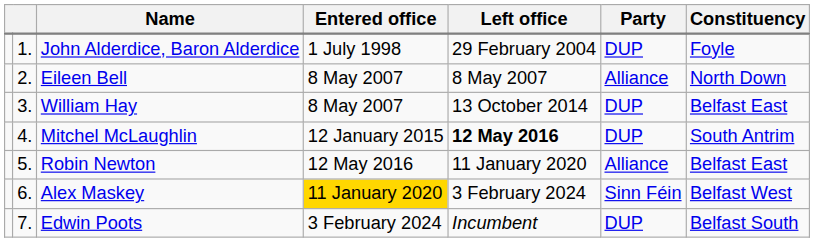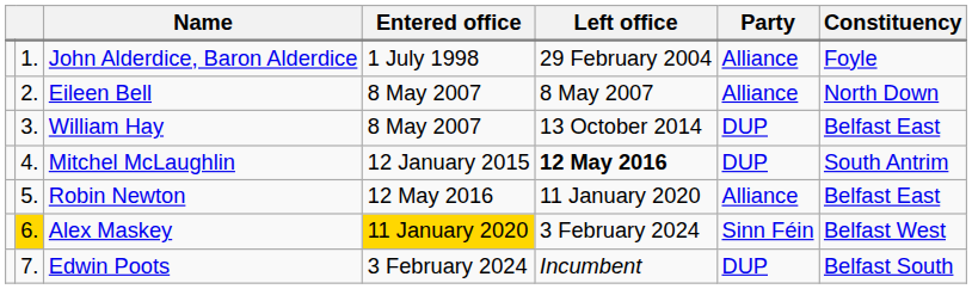 <table class="wikitable">
 <tr style="border-bottom: 2px solid gray;">
 <th colspan="2"></th>
 <th>Name</th>
 <th>Entered office</th>
 <th>Left office</th>
 <th>Party</th>
 <th>Constituency</th>
 </tr>
 <tr>
 <td style="background:"></td>
 <td>1.</td>
 <td><a href='#'>John Alderdice, Baron Alderdice</a></td>
 <td>1 July 1998</td>
 <td>29 February 2004</td>
-<td><a href='#'>DUP</a></td>
+<td><a href='#'>Alliance</a></td>
 <td><a href='#'>Foyle</a></td>
 </tr>
 <tr>
 <td style="background:"></td>
 <td>2.</td>
 <td><a href='#'>Eileen Bell</a></td>
 <td>8 May 2007</td>
 <td>8 May 2007</td>
 <td><a href='#'>Alliance</a></td>
 <td><a href='#'>North Down</a></td>
 </tr>
 <tr>
 <td style="background:"></td>
 <td>3.</td>
 <td><a href='#'>William Hay</a></td>
 <td>8 May 2007</td>
 <td>13 October 2014</td>
 <td><a href='#'>DUP</a></td>
 <td><a href='#'>Belfast East</a></td>
 </tr>
 <tr>
 <td style="background:"></td>
 <td>4.</td>
 <td><a href='#'>Mitchel McLaughlin</a></td>
 <td>12 January 2015</td>
 <td><strong>12 May 2016</strong></td>
 <td><a href='#'>DUP</a></td>
 <td><a href='#'>South Antrim</a></td>
 </tr>
 <tr>
 <td style="background:"></td>
 <td>5.</td>
 <td><a href='#'>Robin Newton</a></td>
 <td>12 May 2016</td>
 <td>11 January 2020</td>
 <td><a href='#'>Alliance</a></td>
 <td><a href='#'>Belfast East</a></td>
 </tr>
 <tr>
 <td style="background:"></td>
-<td>6.</td>
+<td style="background: gold;">6.</td>
 <td><a href='#'>Alex Maskey</a></td>
 <td style="background: gold;">11 January 2020</td>
 <td>3 February 2024</td>
 <td><a href='#'>Sinn Féin</a></td>
 <td><a href='#'>Belfast West</a></td>
 </tr>
 <tr>
 <td style="background:"></td>
 <td>7.</td>
 <td><a href='#'>Edwin Poots</a></td>
 <td>3 February 2024</td>
 <td><em>Incumbent</em></td>
 <td><a href='#'>DUP</a></td>
 <td><a href='#'>Belfast South</a></td>
 </tr>
 </table>
